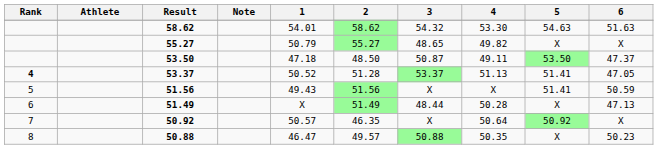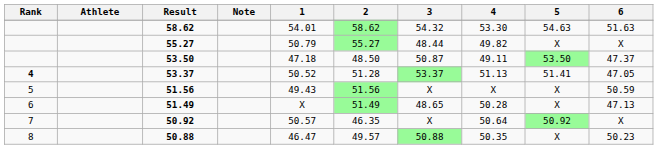 <table class="wikitable" width=65% style="font-size:90%; text-align:center;">
 <tr>
 <th>Rank</th>
 <th>Athlete</th>
 <th>Result</th>
 <th>Note</th>
 <th>1</th>
 <th>2</th>
 <th>3</th>
 <th>4</th>
 <th>5</th>
 <th>6</th>
 </tr>
 <tr>
 </tr>
 <tr>
 <td></td>
 <td align=left></td>
 <td><strong>58.62</strong></td>
 <td> </td>
 <td>54.01</td>
 <td bgcolor=palegreen>58.62</td>
 <td>54.32</td>
 <td>53.30</td>
 <td>54.63</td>
 <td>51.63</td>
 </tr>
 <tr>
 <td></td>
 <td align=left></td>
 <td><strong>55.27</strong></td>
 <td></td>
 <td>50.79</td>
 <td bgcolor=palegreen>55.27</td>
-<td>48.65</td>
+<td>48.44</td>
 <td>49.82</td>
 <td>X</td>
 <td>X</td>
 </tr>
 <tr>
 <td></td>
 <td align=left></td>
 <td><strong>53.50</strong></td>
 <td></td>
 <td>47.18</td>
 <td>48.50</td>
 <td>50.87</td>
 <td>49.11</td>
 <td bgcolor=palegreen>53.50</td>
 <td>47.37</td>
 </tr>
 <tr>
 <td><strong>4</strong></td>
 <td align=left></td>
 <td><strong>53.37</strong></td>
 <td></td>
 <td>50.52</td>
 <td>51.28</td>
 <td bgcolor=palegreen>53.37</td>
 <td>51.13</td>
 <td>51.41</td>
 <td>47.05</td>
 </tr>
 <tr>
 <td>5</td>
 <td align=left></td>
 <td><strong>51.56</strong></td>
 <td></td>
 <td>49.43</td>
 <td bgcolor=palegreen>51.56</td>
 <td>X</td>
 <td>X</td>
-<td>51.41</td>
+<td>X</td>
 <td>50.59</td>
 </tr>
 <tr>
 <td>6</td>
 <td align=left></td>
 <td><strong>51.49</strong></td>
 <td></td>
 <td>X</td>
 <td bgcolor=palegreen>51.49</td>
-<td>48.44</td>
+<td>48.65</td>
 <td>50.28</td>
 <td>X</td>
 <td>47.13</td>
 </tr>
 <tr>
 <td>7</td>
 <td align=left></td>
 <td><strong>50.92</strong></td>
 <td></td>
 <td>50.57</td>
 <td>46.35</td>
 <td>X</td>
 <td>50.64</td>
 <td bgcolor=palegreen>50.92</td>
 <td>X</td>
 </tr>
 <tr>
 <td>8</td>
 <td align=left></td>
 <td><strong>50.88</strong></td>
 <td></td>
 <td>46.47</td>
 <td>49.57</td>
 <td bgcolor=palegreen>50.88</td>
 <td>50.35</td>
 <td>X</td>
 <td>50.23</td>
 </tr>
 </table>
